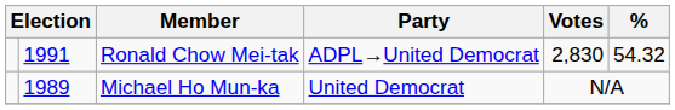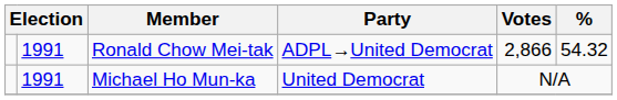 <table class="wikitable">
 <tr>
 <th colspan="2">Election</th>
 <th>Member</th>
 <th>Party</th>
 <th>Votes</th>
 <th>%</th>
 </tr>
 <tr>
 <td style="background-color: "></td>
 <td><a href='#'>1991</a></td>
 <td><a href='#'>Ronald Chow Mei-tak</a></td>
 <td><a href='#'>ADPL</a>→<a href='#'>United Democrat</a></td>
-<td align=right>2,830</td>
+<td align=right>2,866</td>
 <td align=right>54.32</td>
 </tr>
 <tr>
 <td style="background-color: "></td>
-<td><a href='#'>1989</a></td>
+<td><a href='#'>1991</a></td>
 <td><a href='#'>Michael Ho Mun-ka</a></td>
 <td><a href='#'>United Democrat</a></td>
 <td align=center colspan=2>N/A</td>
 </tr>
 <tr>
 </tr>
 </table>
